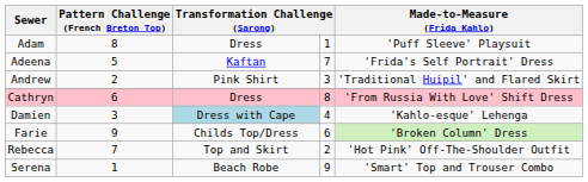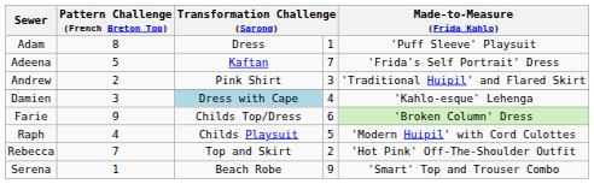 <table class="wikitable" style="text-align:center;">
 <tr>
 <th>Sewer</th>
 <th>Pattern Challenge<br><small>(French <a href='#'>Breton Top</a>)</small></th>
 <th colspan="2">Transformation Challenge<br><small>(<a href='#'>Sarong</a>)</small></th>
 <th>Made-to-Measure<br><small>(<a href='#'>Frida Kahlo</a>)</small></th>
 </tr>
 <tr>
 <td>Adam</td>
 <td>8</td>
 <td>Dress</td>
 <td>1</td>
 <td>'Puff Sleeve' Playsuit</td>
 </tr>
 <tr>
 <td>Adeena</td>
 <td>5</td>
 <td><a href='#'>Kaftan</a></td>
 <td>7</td>
 <td>'Frida's Self Portrait' Dress</td>
 </tr>
 <tr>
 <td>Andrew</td>
 <td>2</td>
 <td>Pink Shirt</td>
 <td>3</td>
 <td>'Traditional <a href='#'>Huipil</a>' and Flared Skirt</td>
 </tr>
 <tr>
 </tr>
-<tr style="background:pink">
-<td>Cathryn</td>
-<td>6</td>
-<td>Dress</td>
-<td>8</td>
-<td>'From Russia With Love' Shift Dress</td>
-</tr>
 <tr>
 <td>Damien</td>
 <td>3</td>
 <td style="background: lightblue;">Dress with Cape</td>
 <td>4</td>
 <td>'Kahlo-esque' Lehenga</td>
 </tr>
 <tr>
 <td>Farie</td>
 <td>9</td>
 <td>Childs Top/Dress</td>
 <td>6</td>
 <td style="background:#d0f0c0">'Broken Column' Dress</td>
+</tr>
+<tr>
+<td>Raph</td>
+<td>4</td>
+<td>Childs <a href='#'>Playsuit</a></td>
+<td>5</td>
+<td>'Modern <a href='#'>Huipil</a>' with Cord Culottes</td>
 </tr>
 <tr>
 <td>Rebecca</td>
 <td>7</td>
 <td>Top and Skirt</td>
 <td>2</td>
 <td>'Hot Pink' Off-The-Shoulder Outfit</td>
 </tr>
 <tr>
 <td>Serena</td>
 <td>1</td>
 <td>Beach Robe</td>
 <td>9</td>
 <td>'Smart' Top and Trouser Combo</td>
 </tr>
 </table>
